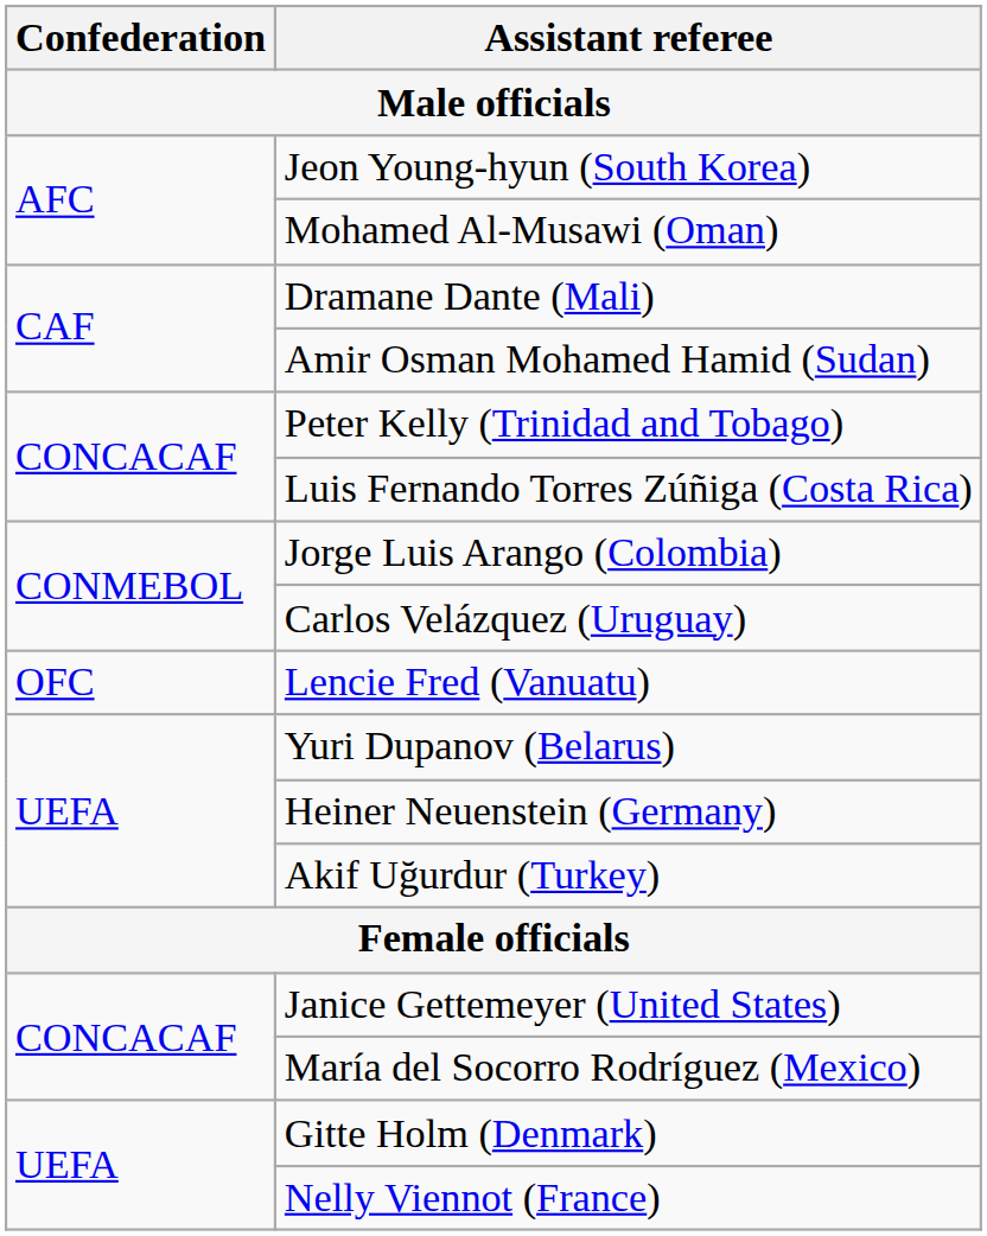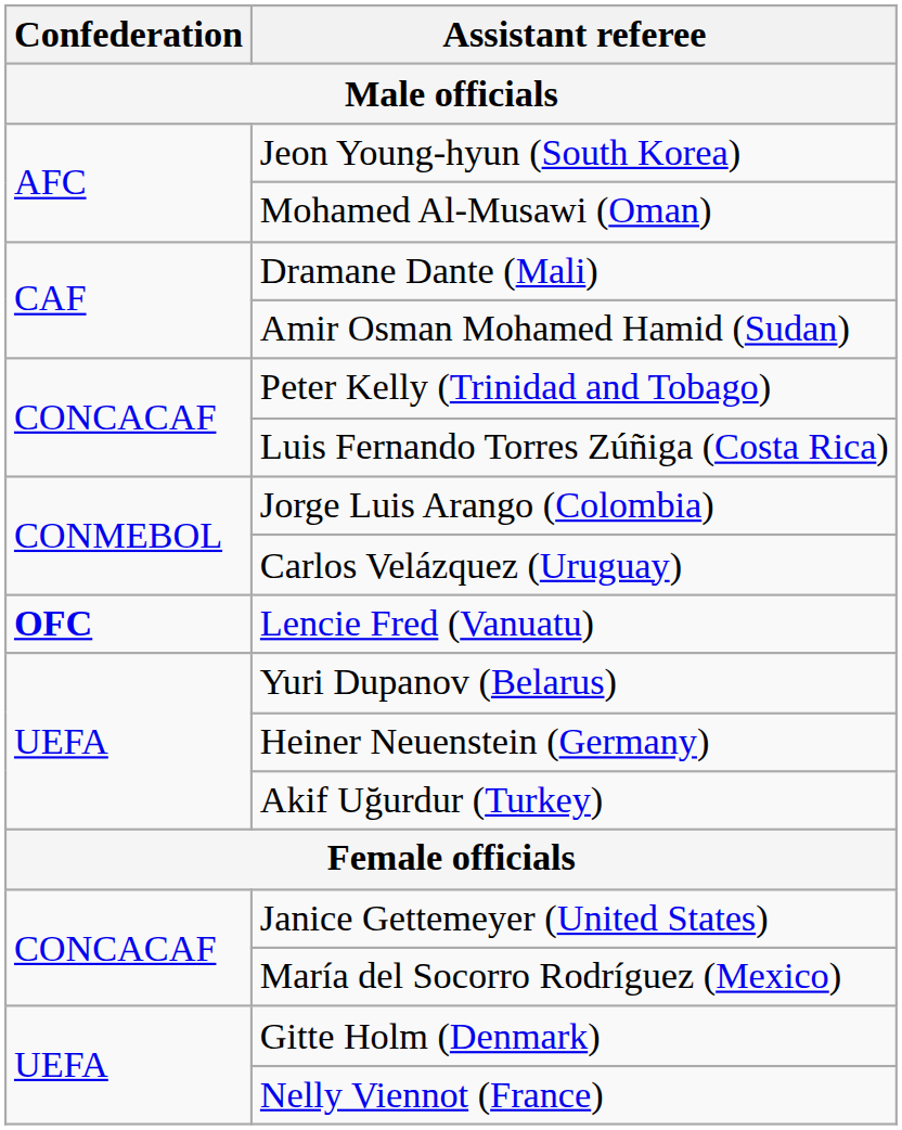 <table class="wikitable">
 <tr>
 <th>Confederation</th>
 <th>Assistant referee</th>
 </tr>
 <tr>
 <td colspan="3" style="text-align:center; background:whitesmoke;"><strong>Male officials</strong></td>
 </tr>
 <tr>
 <td rowspan="2"><a href='#'>AFC</a></td>
 <td>Jeon Young-hyun (<a href='#'>South Korea</a>)</td>
 </tr>
 <tr>
 <td>Mohamed Al-Musawi (<a href='#'>Oman</a>)</td>
 </tr>
 <tr>
 <td rowspan="2"><a href='#'>CAF</a></td>
 <td>Dramane Dante (<a href='#'>Mali</a>)</td>
 </tr>
 <tr>
 <td>Amir Osman Mohamed Hamid (<a href='#'>Sudan</a>)</td>
 </tr>
 <tr>
 <td rowspan="2"><a href='#'>CONCACAF</a></td>
 <td>Peter Kelly (<a href='#'>Trinidad and Tobago</a>)</td>
 </tr>
 <tr>
 <td>Luis Fernando Torres Zúñiga (<a href='#'>Costa Rica</a>)</td>
 </tr>
 <tr>
 <td rowspan="2"><a href='#'>CONMEBOL</a></td>
 <td>Jorge Luis Arango (<a href='#'>Colombia</a>)</td>
 </tr>
 <tr>
 <td>Carlos Velázquez (<a href='#'>Uruguay</a>)</td>
 </tr>
 <tr>
-<td><a href='#'>OFC</a></td>
+<td><strong><a href='#'>OFC</a></strong></td>
 <td><a href='#'>Lencie Fred</a> (<a href='#'>Vanuatu</a>)</td>
 </tr>
 <tr>
 <td rowspan="3"><a href='#'>UEFA</a></td>
 <td>Yuri Dupanov (<a href='#'>Belarus</a>)</td>
 </tr>
 <tr>
 <td>Heiner Neuenstein (<a href='#'>Germany</a>)</td>
 </tr>
 <tr>
 <td>Akif Uğurdur (<a href='#'>Turkey</a>)</td>
 </tr>
 <tr>
 <td colspan="3" style="text-align:center; background:whitesmoke;"><strong>Female officials</strong></td>
 </tr>
 <tr>
 <td rowspan="2"><a href='#'>CONCACAF</a></td>
 <td>Janice Gettemeyer (<a href='#'>United States</a>)</td>
 </tr>
 <tr>
 <td>María del Socorro Rodríguez (<a href='#'>Mexico</a>)</td>
 </tr>
 <tr>
 <td rowspan="2"><a href='#'>UEFA</a></td>
 <td>Gitte Holm (<a href='#'>Denmark</a>)</td>
 </tr>
 <tr>
 <td><a href='#'>Nelly Viennot</a> (<a href='#'>France</a>)</td>
 </tr>
 </table>
